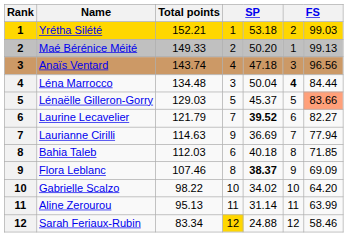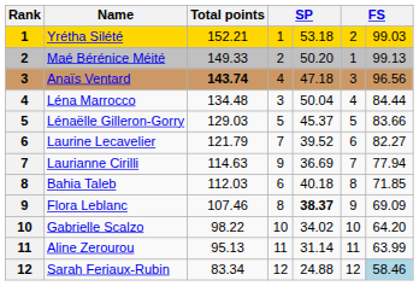 <table class="wikitable sortable">
 <tr>
 <th>Rank</th>
 <th>Name</th>
 <th>Total points</th>
 <th colspan="2" width="80px"><a href='#'>SP</a></th>
 <th colspan="2" width="80px"><a href='#'>FS</a></th>
 </tr>
 <tr bgcolor="gold">
 <td align="center"><strong>1</strong></td>
 <td><a href='#'>Yrétha Silété</a></td>
 <td align="center">152.21</td>
 <td align="center">1</td>
 <td align="center">53.18</td>
 <td align="center">2</td>
 <td align="center">99.03</td>
 </tr>
 <tr bgcolor="silver">
 <td align="center"><strong>2</strong></td>
 <td><a href='#'>Maé Bérénice Méité</a></td>
 <td align="center">149.33</td>
 <td align="center">2</td>
 <td align="center">50.20</td>
 <td align="center">1</td>
 <td align="center">99.13</td>
 </tr>
 <tr bgcolor="cc9966">
 <td align="center"><strong>3</strong></td>
 <td><a href='#'>Anaïs Ventard</a></td>
-<td align="center">143.74</td>
+<td align="center"><strong>143.74</strong></td>
 <td align="center">4</td>
 <td align="center">47.18</td>
 <td align="center">3</td>
 <td align="center">96.56</td>
 </tr>
 <tr>
 <th>4</th>
 <td><a href='#'>Léna Marrocco</a></td>
 <td align="center">134.48</td>
 <td align="center">3</td>
 <td align="center">50.04</td>
-<td align="center"><strong>4</strong></td>
+<td align="center">4</td>
 <td align="center">84.44</td>
 </tr>
 <tr>
 <th>5</th>
 <td><a href='#'>Lénaëlle Gilleron-Gorry</a></td>
 <td align="center">129.03</td>
 <td align="center">5</td>
 <td align="center">45.37</td>
 <td align="center">5</td>
-<td align="center" style="background: lightsalmon;">83.66</td>
+<td align="center">83.66</td>
 </tr>
 <tr>
 <th>6</th>
 <td><a href='#'>Laurine Lecavelier</a></td>
 <td align="center">121.79</td>
 <td align="center">7</td>
-<td align="center"><strong>39.52</strong></td>
+<td align="center">39.52</td>
 <td align="center">6</td>
 <td align="center">82.27</td>
 </tr>
 <tr>
 <th>7</th>
 <td><a href='#'>Laurianne Cirilli</a></td>
 <td align="center">114.63</td>
 <td align="center">9</td>
 <td align="center">36.69</td>
 <td align="center">7</td>
 <td align="center">77.94</td>
 </tr>
 <tr>
 <th>8</th>
 <td><a href='#'>Bahia Taleb</a></td>
 <td align="center">112.03</td>
 <td align="center">6</td>
 <td align="center">40.18</td>
 <td align="center">8</td>
 <td align="center">71.85</td>
 </tr>
 <tr>
 <th>9</th>
 <td><a href='#'>Flora Leblanc</a></td>
 <td align="center">107.46</td>
 <td align="center">8</td>
 <td align="center"><strong>38.37</strong></td>
 <td align="center">9</td>
 <td align="center">69.09</td>
 </tr>
 <tr>
 <th>10</th>
 <td><a href='#'>Gabrielle Scalzo</a></td>
 <td align="center">98.22</td>
 <td align="center">10</td>
 <td align="center">34.02</td>
 <td align="center">10</td>
 <td align="center">64.20</td>
 </tr>
 <tr>
 <th>11</th>
 <td><a href='#'>Aline Zerourou</a></td>
 <td align="center">95.13</td>
 <td align="center">11</td>
 <td align="center">31.14</td>
 <td align="center">11</td>
 <td align="center">63.99</td>
 </tr>
 <tr>
 <th>12</th>
 <td><a href='#'>Sarah Feriaux-Rubin</a></td>
 <td align="center">83.34</td>
-<td align="center" style="background: gold;">12</td>
+<td align="center">12</td>
 <td align="center">24.88</td>
 <td align="center">12</td>
-<td align="center">58.46</td>
+<td align="center" style="background: lightblue;">58.46</td>
 </tr>
 </table>
